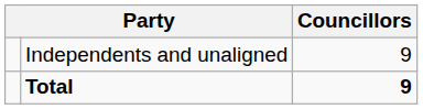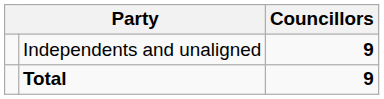 <table class="wikitable">
 <tr>
 <th colspan="2">Party</th>
 <th>Councillors</th>
 </tr>
 <tr>
 <td> </td>
 <td>Independents and unaligned</td>
-<td align="right">9</td>
+<td align="right"><strong>9</strong></td>
 </tr>
 <tr>
 <td></td>
 <td><strong>Total</strong></td>
 <td align="right"><strong>9</strong></td>
 </tr>
 </table>
